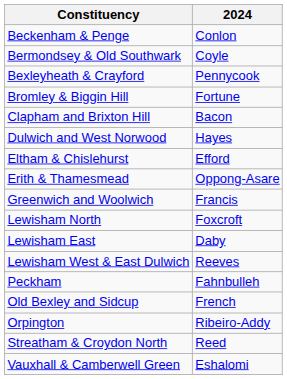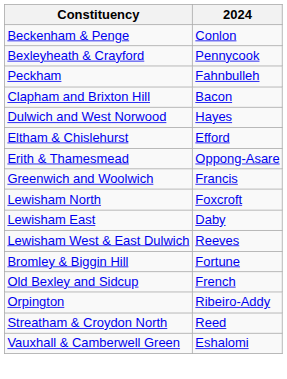 <table class="wikitable">
 <tr>
 <th>Constituency</th>
 <th>2024</th>
 </tr>
 <tr>
 <td><a href='#'>Beckenham & Penge</a></td>
 <td><a href='#'>Conlon</a></td>
 </tr>
 <tr>
-<td><a href='#'>Bermondsey & Old Southwark</a></td>
-<td><a href='#'>Coyle</a></td>
-</tr>
-<tr>
 <td><a href='#'>Bexleyheath & Crayford</a></td>
 <td><a href='#'>Pennycook</a></td>
 </tr>
 <tr>
-<td><a href='#'>Bromley & Biggin Hill</a></td>
-<td><a href='#'>Fortune</a></td>
+<td><a href='#'>Peckham</a></td>
+<td><a href='#'>Fahnbulleh</a></td>
 </tr>
 <tr>
 <td><a href='#'>Clapham and Brixton Hill</a></td>
 <td><a href='#'>Bacon</a></td>
 </tr>
 <tr>
 <td><a href='#'>Dulwich and West Norwood</a></td>
 <td><a href='#'>Hayes</a></td>
 </tr>
 <tr>
 <td><a href='#'>Eltham & Chislehurst</a></td>
 <td><a href='#'>Efford</a></td>
 </tr>
 <tr>
 <td><a href='#'>Erith & Thamesmead</a></td>
 <td><a href='#'>Oppong-Asare</a></td>
 </tr>
 <tr>
 <td><a href='#'>Greenwich and Woolwich</a></td>
 <td><a href='#'>Francis</a></td>
 </tr>
 <tr>
 <td><a href='#'>Lewisham North</a></td>
 <td><a href='#'>Foxcroft</a></td>
 </tr>
 <tr>
 <td><a href='#'>Lewisham East</a></td>
 <td><a href='#'>Daby</a></td>
 </tr>
 <tr>
 <td><a href='#'>Lewisham West & East Dulwich</a></td>
 <td><a href='#'>Reeves</a></td>
 </tr>
 <tr>
-<td><a href='#'>Peckham</a></td>
-<td><a href='#'>Fahnbulleh</a></td>
+<td><a href='#'>Bromley & Biggin Hill</a></td>
+<td><a href='#'>Fortune</a></td>
 </tr>
 <tr>
 <td><a href='#'>Old Bexley and Sidcup</a></td>
 <td><a href='#'>French</a></td>
 </tr>
 <tr>
 <td><a href='#'>Orpington</a></td>
 <td><a href='#'>Ribeiro-Addy</a></td>
 </tr>
 <tr>
 <td><a href='#'>Streatham & Croydon North</a></td>
 <td><a href='#'>Reed</a></td>
 </tr>
 <tr>
 <td><a href='#'>Vauxhall & Camberwell Green</a></td>
 <td><a href='#'>Eshalomi</a></td>
 </tr>
 </table>
